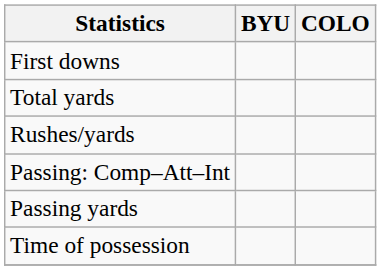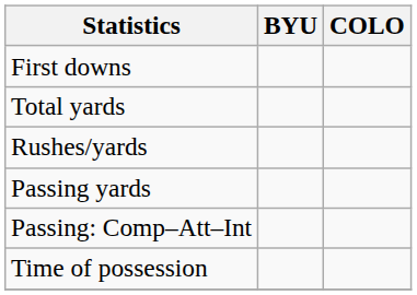 <table class="wikitable" style="float: left;">
 <tr>
 <th>Statistics</th>
 <th>BYU</th>
 <th>COLO</th>
 </tr>
 <tr>
 <td>First downs</td>
 <td></td>
 <td></td>
 </tr>
 <tr>
 <td>Total yards</td>
 <td></td>
 <td></td>
 </tr>
 <tr>
 <td>Rushes/yards</td>
 <td></td>
 <td></td>
 </tr>
 <tr>
-<td>Passing: Comp–Att–Int</td>
+<td>Passing yards</td>
 <td></td>
 <td></td>
 </tr>
 <tr>
-<td>Passing yards</td>
+<td>Passing: Comp–Att–Int</td>
 <td></td>
 <td></td>
 </tr>
 <tr>
 <td>Time of possession</td>
 <td></td>
 <td></td>
 </tr>
 <tr>
 </tr>
 </table>
